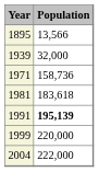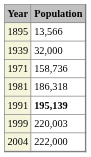 <table border=1 cellpadding=4 cellspacing=0 class="toccolours" style="align: left; margin: 0.5em 0 0 0; border-style: solid; border: 1px solid #7f7f7f; border-right-width: 2px; border-bottom-width: 2px; border-collapse: collapse; font-size: 95%;">
 <tr>
 <td style="background:#c1c1c1;"><strong>Year</strong></td>
 <td colspan=1 style="background:#c1c1c1;" align="center"><strong>Population</strong></td>
 </tr>
 <tr>
 <td style="background:#F5F5DC;">1895</td>
 <td>13,566</td>
 </tr>
 <tr>
 <td style="background:#F5F5DC;">1939</td>
 <td>32,000</td>
 </tr>
 <tr>
 <td style="background:#F5F5DC;">1971</td>
 <td>158,736</td>
 </tr>
 <tr>
 <td style="background:#F5F5DC;">1981</td>
-<td>183,618</td>
+<td>186,318</td>
 </tr>
 <tr>
 <td style="background:#F5F5DC;">1991</td>
 <td><strong>195,139</strong></td>
 </tr>
 <tr>
 <td style="background:#F5F5DC;">1999</td>
-<td>220,000</td>
+<td>220,003</td>
 </tr>
 <tr>
 <td style="background:#F5F5DC;">2004</td>
 <td>222,000</td>
 </tr>
 </table>
